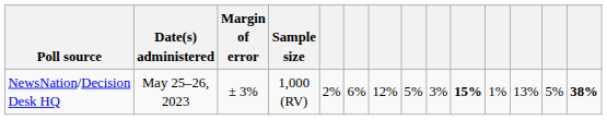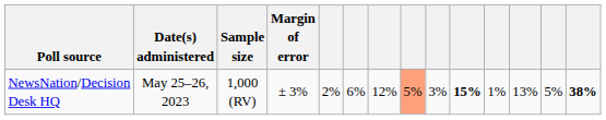 <table class="wikitable" style="text-align:center;font-size:90%;line-height:20px">
 <tr valign=bottom>
 <th style="background-position: right 85%;">Poll source</th>
 <th style="width:120px; background-position: right 85%;">Date(s)<br>administered</th>
+<th style="width:90px; background-position: right 85%;">Sample<br>size</th>
 <th style="background-position: right 85%;">Margin<br>of<br>error</th>
-<th style="width:90px; background-position: right 85%;">Sample<br>size</th>
 <th></th>
 <th></th>
 <th></th>
 <th></th>
 <th></th>
 <th></th>
 <th></th>
 <th></th>
 <th></th>
 <th></th>
 </tr>
 <tr>
 <td style="text-align:left;"><a href='#'>NewsNation</a>/<a href='#'>Decision Desk HQ</a></td>
 <td>May 25–26, 2023</td>
+<td>1,000 (RV)</td>
 <td>± 3%</td>
-<td>1,000 (RV)</td>
 <td>2%</td>
 <td>6%</td>
 <td>12%</td>
-<td>5%</td>
+<td style="background: lightsalmon;">5%</td>
 <td>3%</td>
 <td><strong>15%</strong></td>
 <td>1%</td>
 <td>13%</td>
 <td>5%</td>
 <td><strong>38%</strong></td>
 </tr>
 </table>
